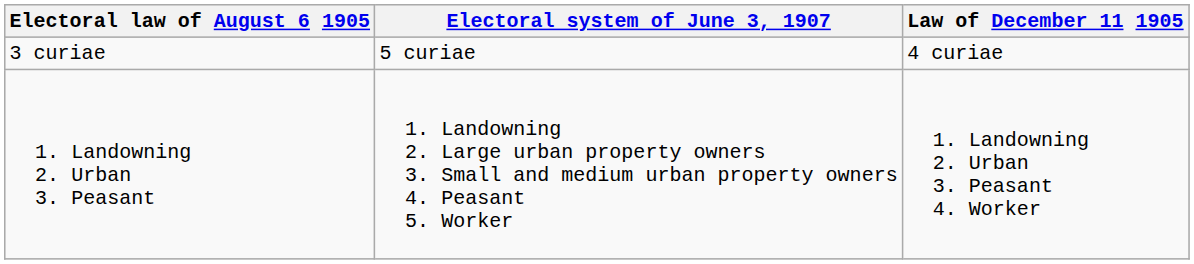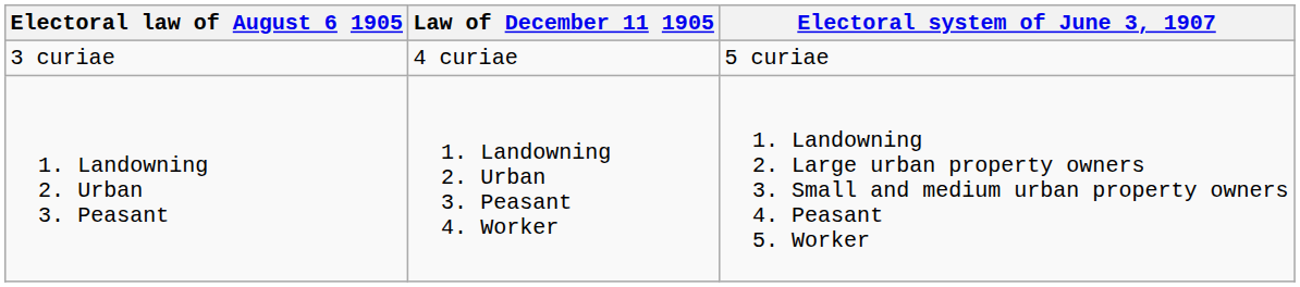 <table class="wikitable">
 <tr>
 <th>Electoral law of <a href='#'>August 6</a> <a href='#'>1905</a></th>
+<th>Law of <a href='#'>December 11</a> <a href='#'>1905</a></th>
 <th><a href='#'>Electoral system of June 3, 1907</a></th>
-<th>Law of <a href='#'>December 11</a> <a href='#'>1905</a></th>
 </tr>
 <tr>
 <td>3 curiae</td>
+<td>4 curiae</td>
 <td>5 curiae</td>
-<td>4 curiae</td>
 </tr>
 <tr>
 <td><br><ol><li>Landowning</li><li>Urban</li><li>Peasant</li></ol></td>
+<td><br><ol><li>Landowning</li><li>Urban</li><li>Peasant</li><li>Worker</li></ol></td>
 <td><br><ol><li>Landowning</li><li>Large urban property owners</li><li>Small and medium urban property owners</li><li>Peasant</li><li>Worker</li></ol></td>
-<td><br><ol><li>Landowning</li><li>Urban</li><li>Peasant</li><li>Worker</li></ol></td>
 </tr>
 </table>
